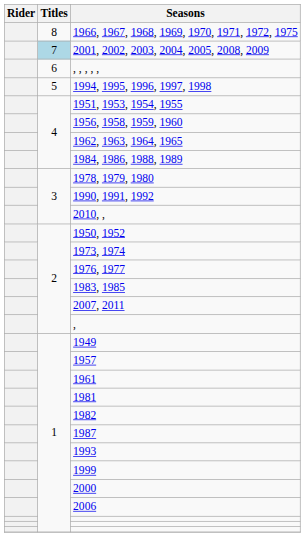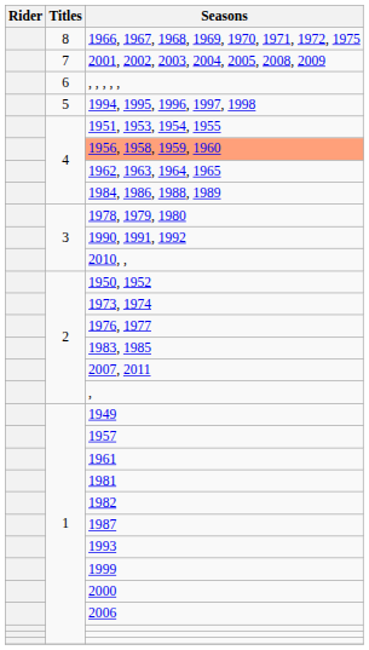 <table class="sortable plainrowheaders wikitable">
 <tr>
 <th scope="col">Rider</th>
 <th scope="col">Titles</th>
 <th scope="col">Seasons</th>
 </tr>
 <tr>
 <th scope="row"> </th>
 <td align=center>8</td>
 <td><a href='#'>1966</a>, <a href='#'>1967</a>, <a href='#'>1968</a>, <a href='#'>1969</a>, <a href='#'>1970</a>, <a href='#'>1971</a>, <a href='#'>1972</a>, <a href='#'>1975</a></td>
 </tr>
 <tr>
 <th scope="row"> </th>
-<td align=center style="background: lightblue;">7</td>
+<td align=center>7</td>
 <td><a href='#'>2001</a>, <a href='#'>2002</a>, <a href='#'>2003</a>, <a href='#'>2004</a>, <a href='#'>2005</a>, <a href='#'>2008</a>, <a href='#'>2009</a></td>
 </tr>
 <tr>
 <th scope="row"> <strong></strong></th>
 <td align=center>6</td>
 <td>, , , , , </td>
 </tr>
 <tr>
 <th scope="row"> </th>
 <td align=center>5</td>
 <td><a href='#'>1994</a>, <a href='#'>1995</a>, <a href='#'>1996</a>, <a href='#'>1997</a>, <a href='#'>1998</a></td>
 </tr>
 <tr>
 <th scope="row"> </th>
 <td align=center rowspan="4">4</td>
 <td><a href='#'>1951</a>, <a href='#'>1953</a>, <a href='#'>1954</a>, <a href='#'>1955</a></td>
 </tr>
 <tr>
 <th scope="row"> </th>
-<td><a href='#'>1956</a>, <a href='#'>1958</a>, <a href='#'>1959</a>, <a href='#'>1960</a></td>
+<td style="background: lightsalmon;"><a href='#'>1956</a>, <a href='#'>1958</a>, <a href='#'>1959</a>, <a href='#'>1960</a></td>
 </tr>
 <tr>
 <th scope="row"> </th>
 <td><a href='#'>1962</a>, <a href='#'>1963</a>, <a href='#'>1964</a>, <a href='#'>1965</a></td>
 </tr>
 <tr>
 <th scope="row"> </th>
 <td><a href='#'>1984</a>, <a href='#'>1986</a>, <a href='#'>1988</a>, <a href='#'>1989</a></td>
 </tr>
 <tr>
 <th scope="row"> </th>
 <td align=center rowspan="3">3</td>
 <td><a href='#'>1978</a>, <a href='#'>1979</a>, <a href='#'>1980</a></td>
 </tr>
 <tr>
 <th scope="row"> </th>
 <td><a href='#'>1990</a>, <a href='#'>1991</a>, <a href='#'>1992</a></td>
 </tr>
 <tr>
 <th scope="row"> </th>
 <td><a href='#'>2010</a>, , </td>
 </tr>
 <tr>
 <th scope="row"> </th>
 <td align=center rowspan="6">2</td>
 <td><a href='#'>1950</a>, <a href='#'>1952</a></td>
 </tr>
 <tr>
 <th scope="row"> </th>
 <td><a href='#'>1973</a>, <a href='#'>1974</a></td>
 </tr>
 <tr>
 <th scope="row"> </th>
 <td><a href='#'>1976</a>, <a href='#'>1977</a></td>
 </tr>
 <tr>
 <th scope="row"> </th>
 <td><a href='#'>1983</a>, <a href='#'>1985</a></td>
 </tr>
 <tr>
 <th scope="row"> </th>
 <td><a href='#'>2007</a>, <a href='#'>2011</a></td>
 </tr>
 <tr>
 <th scope="row"> <strong></strong></th>
 <td>, </td>
 </tr>
 <tr>
 <th scope="row"> </th>
 <td align=center rowspan="13">1</td>
 <td><a href='#'>1949</a></td>
 </tr>
 <tr>
 <th scope="row"> </th>
 <td><a href='#'>1957</a></td>
 </tr>
 <tr>
 <th scope="row"> </th>
 <td><a href='#'>1961</a></td>
 </tr>
 <tr>
 <th scope="row"> </th>
 <td><a href='#'>1981</a></td>
 </tr>
 <tr>
 <th scope="row"> </th>
 <td><a href='#'>1982</a></td>
 </tr>
 <tr>
 <th scope="row"> </th>
 <td><a href='#'>1987</a></td>
 </tr>
 <tr>
 <th scope="row"> </th>
 <td><a href='#'>1993</a></td>
 </tr>
 <tr>
 <th scope="row"> </th>
 <td><a href='#'>1999</a></td>
 </tr>
 <tr>
 <th scope="row"> </th>
 <td><a href='#'>2000</a></td>
 </tr>
 <tr>
 <th scope="row"> </th>
 <td><a href='#'>2006</a></td>
 </tr>
 <tr>
 <th scope="row"> <strong></strong></th>
 <td></td>
 </tr>
 <tr>
 <th scope="row"> <strong></strong></th>
 <td></td>
 </tr>
 <tr>
 <th scope="row"> <strong></strong></th>
 <td></td>
 </tr>
 <tr>
 </tr>
 </table>
